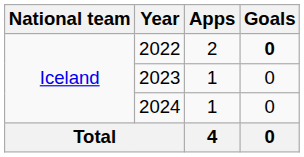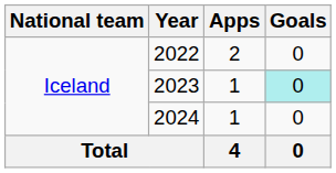 <table class="wikitable" style="text-align:center">
 <tr>
 <th>National team</th>
 <th>Year</th>
 <th>Apps</th>
 <th>Goals</th>
 </tr>
 <tr>
 <td rowspan="3"><a href='#'>Iceland</a></td>
 <td>2022</td>
 <td>2</td>
-<td><strong>0</strong></td>
+<td>0</td>
 </tr>
 <tr>
 <td>2023</td>
 <td>1</td>
-<td>0</td>
+<td style="background: paleturquoise;">0</td>
 </tr>
 <tr>
 <td>2024</td>
 <td>1</td>
 <td>0</td>
 </tr>
 <tr>
 <th colspan="2">Total</th>
 <th>4</th>
 <th>0</th>
 </tr>
 </table>
